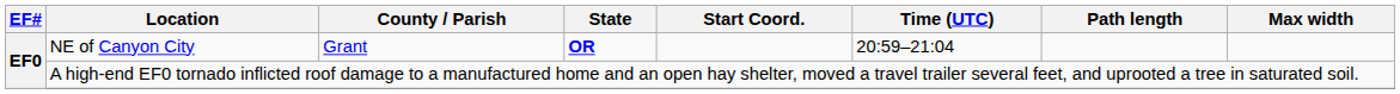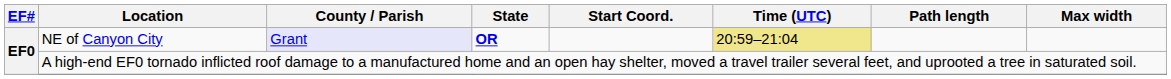 <table class="wikitable sortable" style="width:100%;">
 <tr>
 <th scope="col" width="2%" align="center"><a href='#'>EF#</a></th>
 <th scope="col" align="center" class="unsortable">Location</th>
 <th scope="col" align="center" class="unsortable">County / Parish</th>
 <th scope="col" align="center">State</th>
 <th scope="col" align="center">Start Coord.</th>
 <th scope="col" align="center">Time (<a href='#'>UTC</a>)</th>
 <th scope="col" align="center">Path length</th>
 <th scope="col" align="center">Max width</th>
 </tr>
 <tr>
 <th scope="row" rowspan="2" style="background-color:#">EF0</th>
 <td>NE of <a href='#'>Canyon City</a></td>
-<td><a href='#'>Grant</a></td>
+<td style="background: lavender;"><a href='#'>Grant</a></td>
 <td><strong><a href='#'>OR</a></strong></td>
 <td></td>
-<td>20:59–21:04</td>
+<td style="background: khaki;">20:59–21:04</td>
 <td></td>
 <td></td>
 </tr>
 <tr class="expand-child">
 <td colspan="8" style=" border-bottom: 1px solid black;">A high-end EF0 tornado inflicted roof damage to a manufactured home and an open hay shelter, moved a travel trailer several feet, and uprooted a tree in saturated soil.</td>
 </tr>
 <tr>
 </tr>
 </table>
